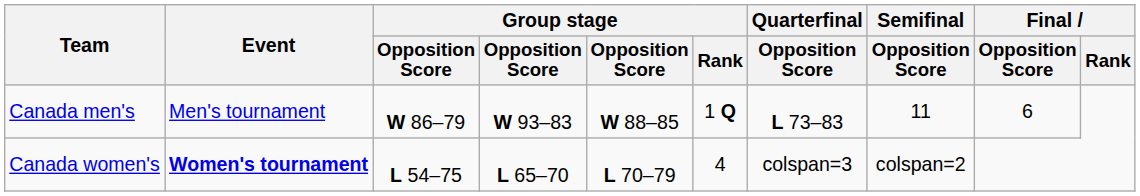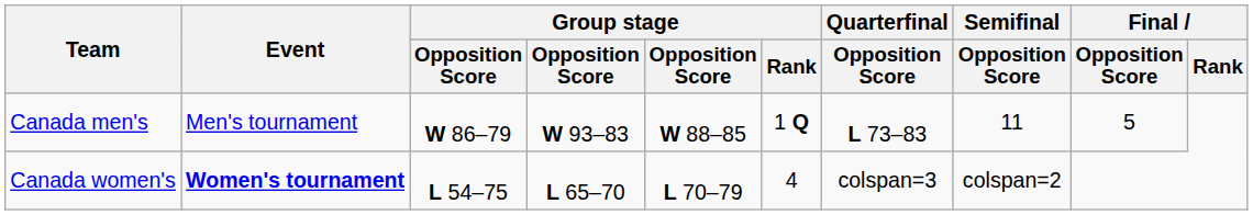 <table class=wikitable style=font-size:90%;text-align:center>
 <tr>
 <th rowspan=2>Team</th>
 <th rowspan=2>Event</th>
 <th colspan=4>Group stage</th>
 <th>Quarterfinal</th>
 <th>Semifinal</th>
 <th colspan=2>Final / </th>
 </tr>
 <tr style=font-size:95%>
 <th>Opposition<br>Score</th>
 <th>Opposition<br>Score</th>
 <th>Opposition<br>Score</th>
 <th>Rank</th>
 <th>Opposition<br>Score</th>
 <th>Opposition<br>Score</th>
 <th>Opposition<br>Score</th>
 <th>Rank</th>
 </tr>
 <tr>
 <td align=left><a href='#'>Canada men's</a></td>
 <td align=left><a href='#'>Men's tournament</a></td>
 <td><br><strong>W</strong> 86–79</td>
 <td><br><strong>W</strong> 93–83</td>
 <td><br><strong>W</strong> 88–85</td>
 <td>1 <strong>Q</strong></td>
 <td><br><strong>L</strong> 73–83</td>
 <td>11</td>
-<td>6</td>
+<td>5</td>
 </tr>
 <tr>
 <td align=left><a href='#'>Canada women's</a></td>
 <td align=left><strong><a href='#'>Women's tournament</a></strong></td>
 <td><br><strong>L</strong> 54–75</td>
 <td><br><strong>L</strong> 65–70</td>
 <td><br><strong>L</strong> 70–79</td>
 <td>4</td>
 <td>colspan=3 </td>
 <td>colspan=2 </td>
 </tr>
 </table>
